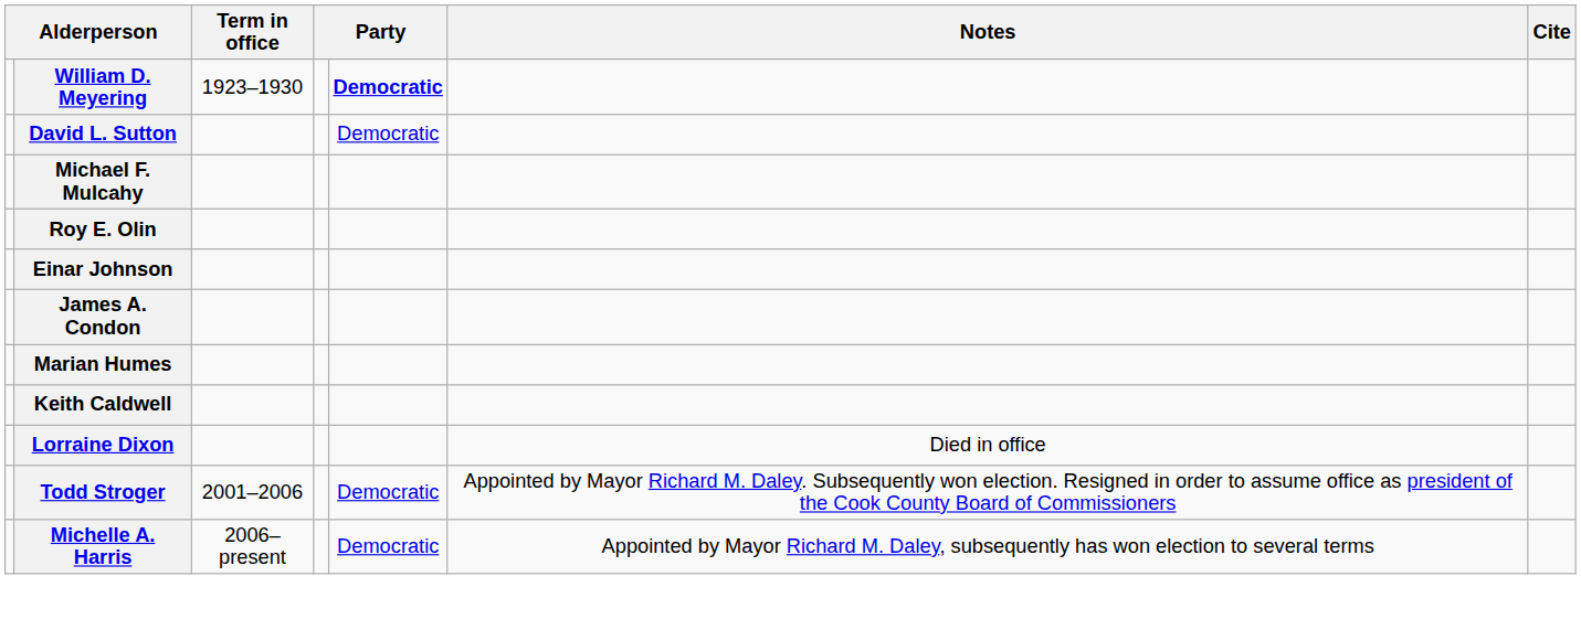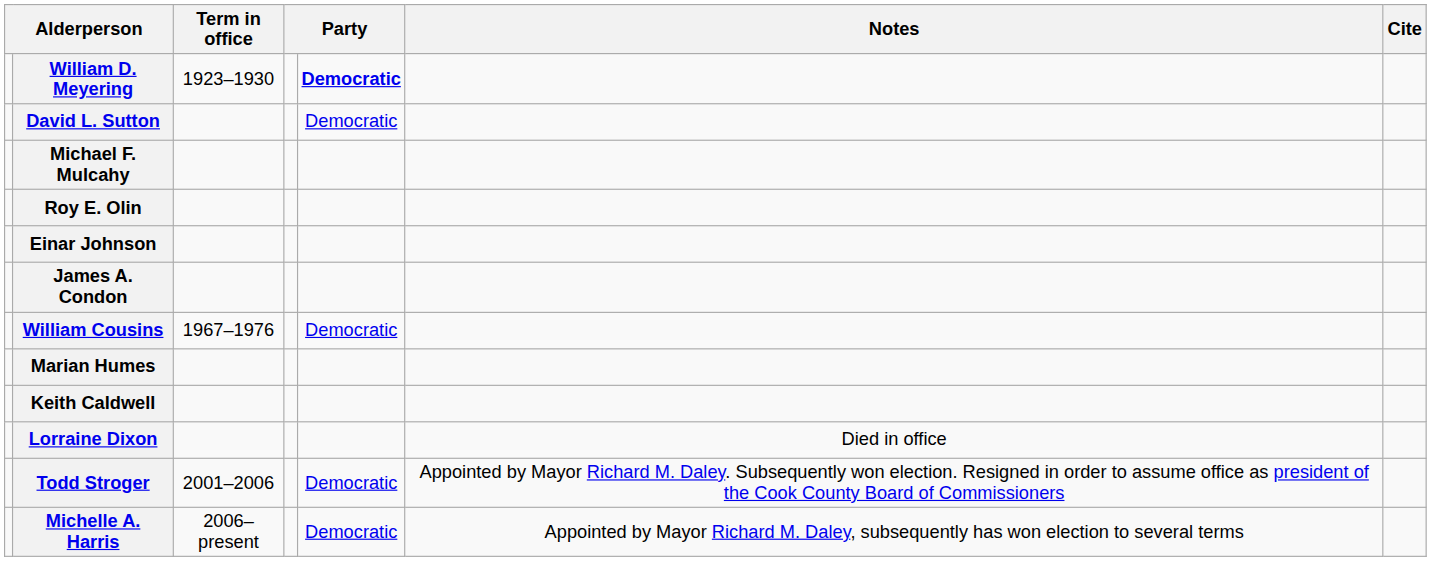 <table class="wikitable sortable" style="text-align:center;">
 <tr>
 <th scope="col" colspan="2">Alderperson</th>
 <th scope="col">Term in office</th>
 <th scope="col" colspan="2">Party</th>
 <th scope="col">Notes</th>
 <th scope="col">Cite</th>
 </tr>
 <tr style="height:2em;">
 <td></td>
 <th scope="row"><a href='#'>William D. Meyering</a></th>
 <td>1923–1930</td>
 <td> </td>
 <td><strong><a href='#'>Democratic</a></strong></td>
 <td></td>
 <td></td>
 </tr>
 <tr style="height:2em;">
 <td></td>
 <th scope="row"><a href='#'>David L. Sutton</a></th>
 <td></td>
 <td> </td>
 <td><a href='#'>Democratic</a></td>
 <td></td>
 <td></td>
 </tr>
 <tr style="height:2em;">
 <td></td>
 <th scope="row">Michael F. Mulcahy</th>
 <td></td>
 <td></td>
 <td></td>
 <td></td>
 <td></td>
 </tr>
 <tr style="height:2em;">
 <td></td>
 <th scope="row">Roy E. Olin</th>
 <td></td>
 <td></td>
 <td></td>
 <td></td>
 <td></td>
 </tr>
 <tr style="height:2em;">
 <td></td>
 <th scope="row">Einar Johnson</th>
 <td></td>
 <td></td>
 <td></td>
 <td></td>
 <td></td>
 </tr>
 <tr style="height:2em;">
 <td></td>
 <th scope="row">James A. Condon</th>
 <td></td>
 <td></td>
 <td></td>
 <td></td>
 <td></td>
 </tr>
 <tr style="height:2em;">
 <td></td>
+<th scope="row"><a href='#'>William Cousins</a></th>
+<td>1967–1976</td>
+<td> </td>
+<td><a href='#'>Democratic</a></td>
+<td></td>
+<td></td>
+</tr>
+<tr style="height:2em;">
+<td></td>
 <th scope="row">Marian Humes</th>
 <td></td>
 <td></td>
 <td></td>
 <td></td>
 <td></td>
 </tr>
 <tr style="height:2em;">
 <td></td>
 <th scope="row">Keith Caldwell</th>
 <td></td>
 <td></td>
 <td></td>
 <td></td>
 <td></td>
 </tr>
 <tr style="height:2em;">
 <td></td>
 <th scope="row"><a href='#'>Lorraine Dixon</a></th>
 <td></td>
 <td></td>
 <td></td>
 <td>Died in office</td>
 <td></td>
 </tr>
 <tr style="height:2em;">
 <td></td>
 <th scope="row"><a href='#'>Todd Stroger</a></th>
 <td>2001–2006</td>
 <td> </td>
 <td><a href='#'>Democratic</a></td>
 <td>Appointed by Mayor <a href='#'>Richard M. Daley</a>. Subsequently won election. Resigned in order to assume office as <a href='#'>president of the Cook County Board of Commissioners</a></td>
 <td></td>
 </tr>
 <tr style="height:2em;">
 <td></td>
 <th scope="row"><a href='#'>Michelle A. Harris</a></th>
 <td>2006–present</td>
 <td> </td>
 <td><a href='#'>Democratic</a></td>
 <td>Appointed by Mayor <a href='#'>Richard M. Daley</a>, subsequently has won election to several terms</td>
 </tr>
 </table>
